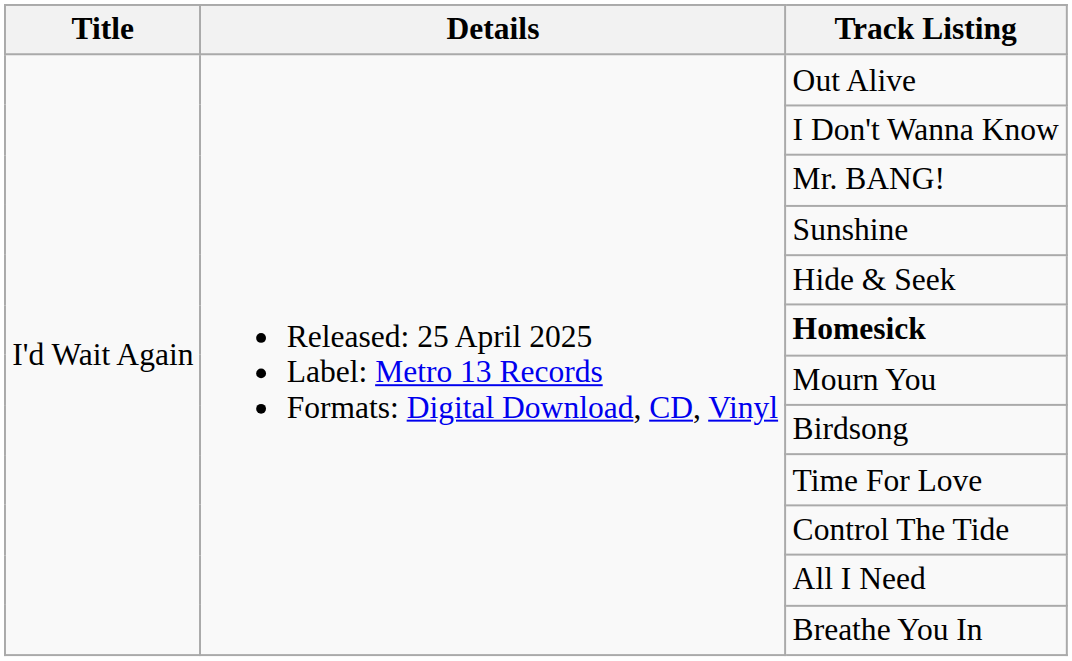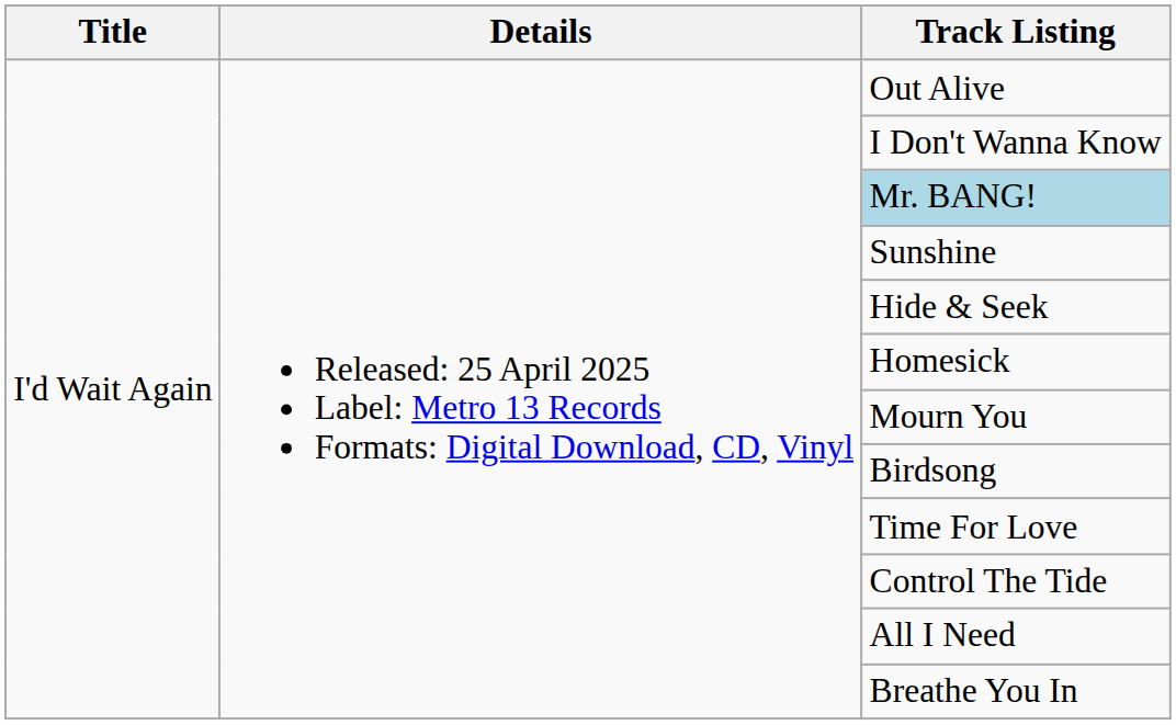 <table class="wikitable">
 <tr>
 <th>Title</th>
 <th>Details</th>
 <th>Track Listing</th>
 </tr>
 <tr>
 <td rowspan="12">I'd Wait Again</td>
 <td rowspan="12"><br><ul><li>Released: 25 April 2025</li><li>Label: <a href='#'>Metro 13 Records</a></li><li>Formats: <a href='#'>Digital Download</a>, <a href='#'>CD</a>, <a href='#'>Vinyl</a></li></ul></td>
 <td>Out Alive</td>
 </tr>
 <tr>
 <td>I Don't Wanna Know</td>
 </tr>
 <tr>
-<td>Mr. BANG!</td>
+<td style="background: lightblue;">Mr. BANG!</td>
 </tr>
 <tr>
 <td>Sunshine</td>
 </tr>
 <tr>
 <td>Hide & Seek</td>
 </tr>
 <tr>
-<td><strong>Homesick</strong></td>
+<td>Homesick</td>
 </tr>
 <tr>
 <td>Mourn You</td>
 </tr>
 <tr>
 <td>Birdsong</td>
 </tr>
 <tr>
 <td>Time For Love</td>
 </tr>
 <tr>
 <td>Control The Tide</td>
 </tr>
 <tr>
 <td>All I Need</td>
 </tr>
 <tr>
 <td>Breathe You In</td>
 </tr>
 </table>
